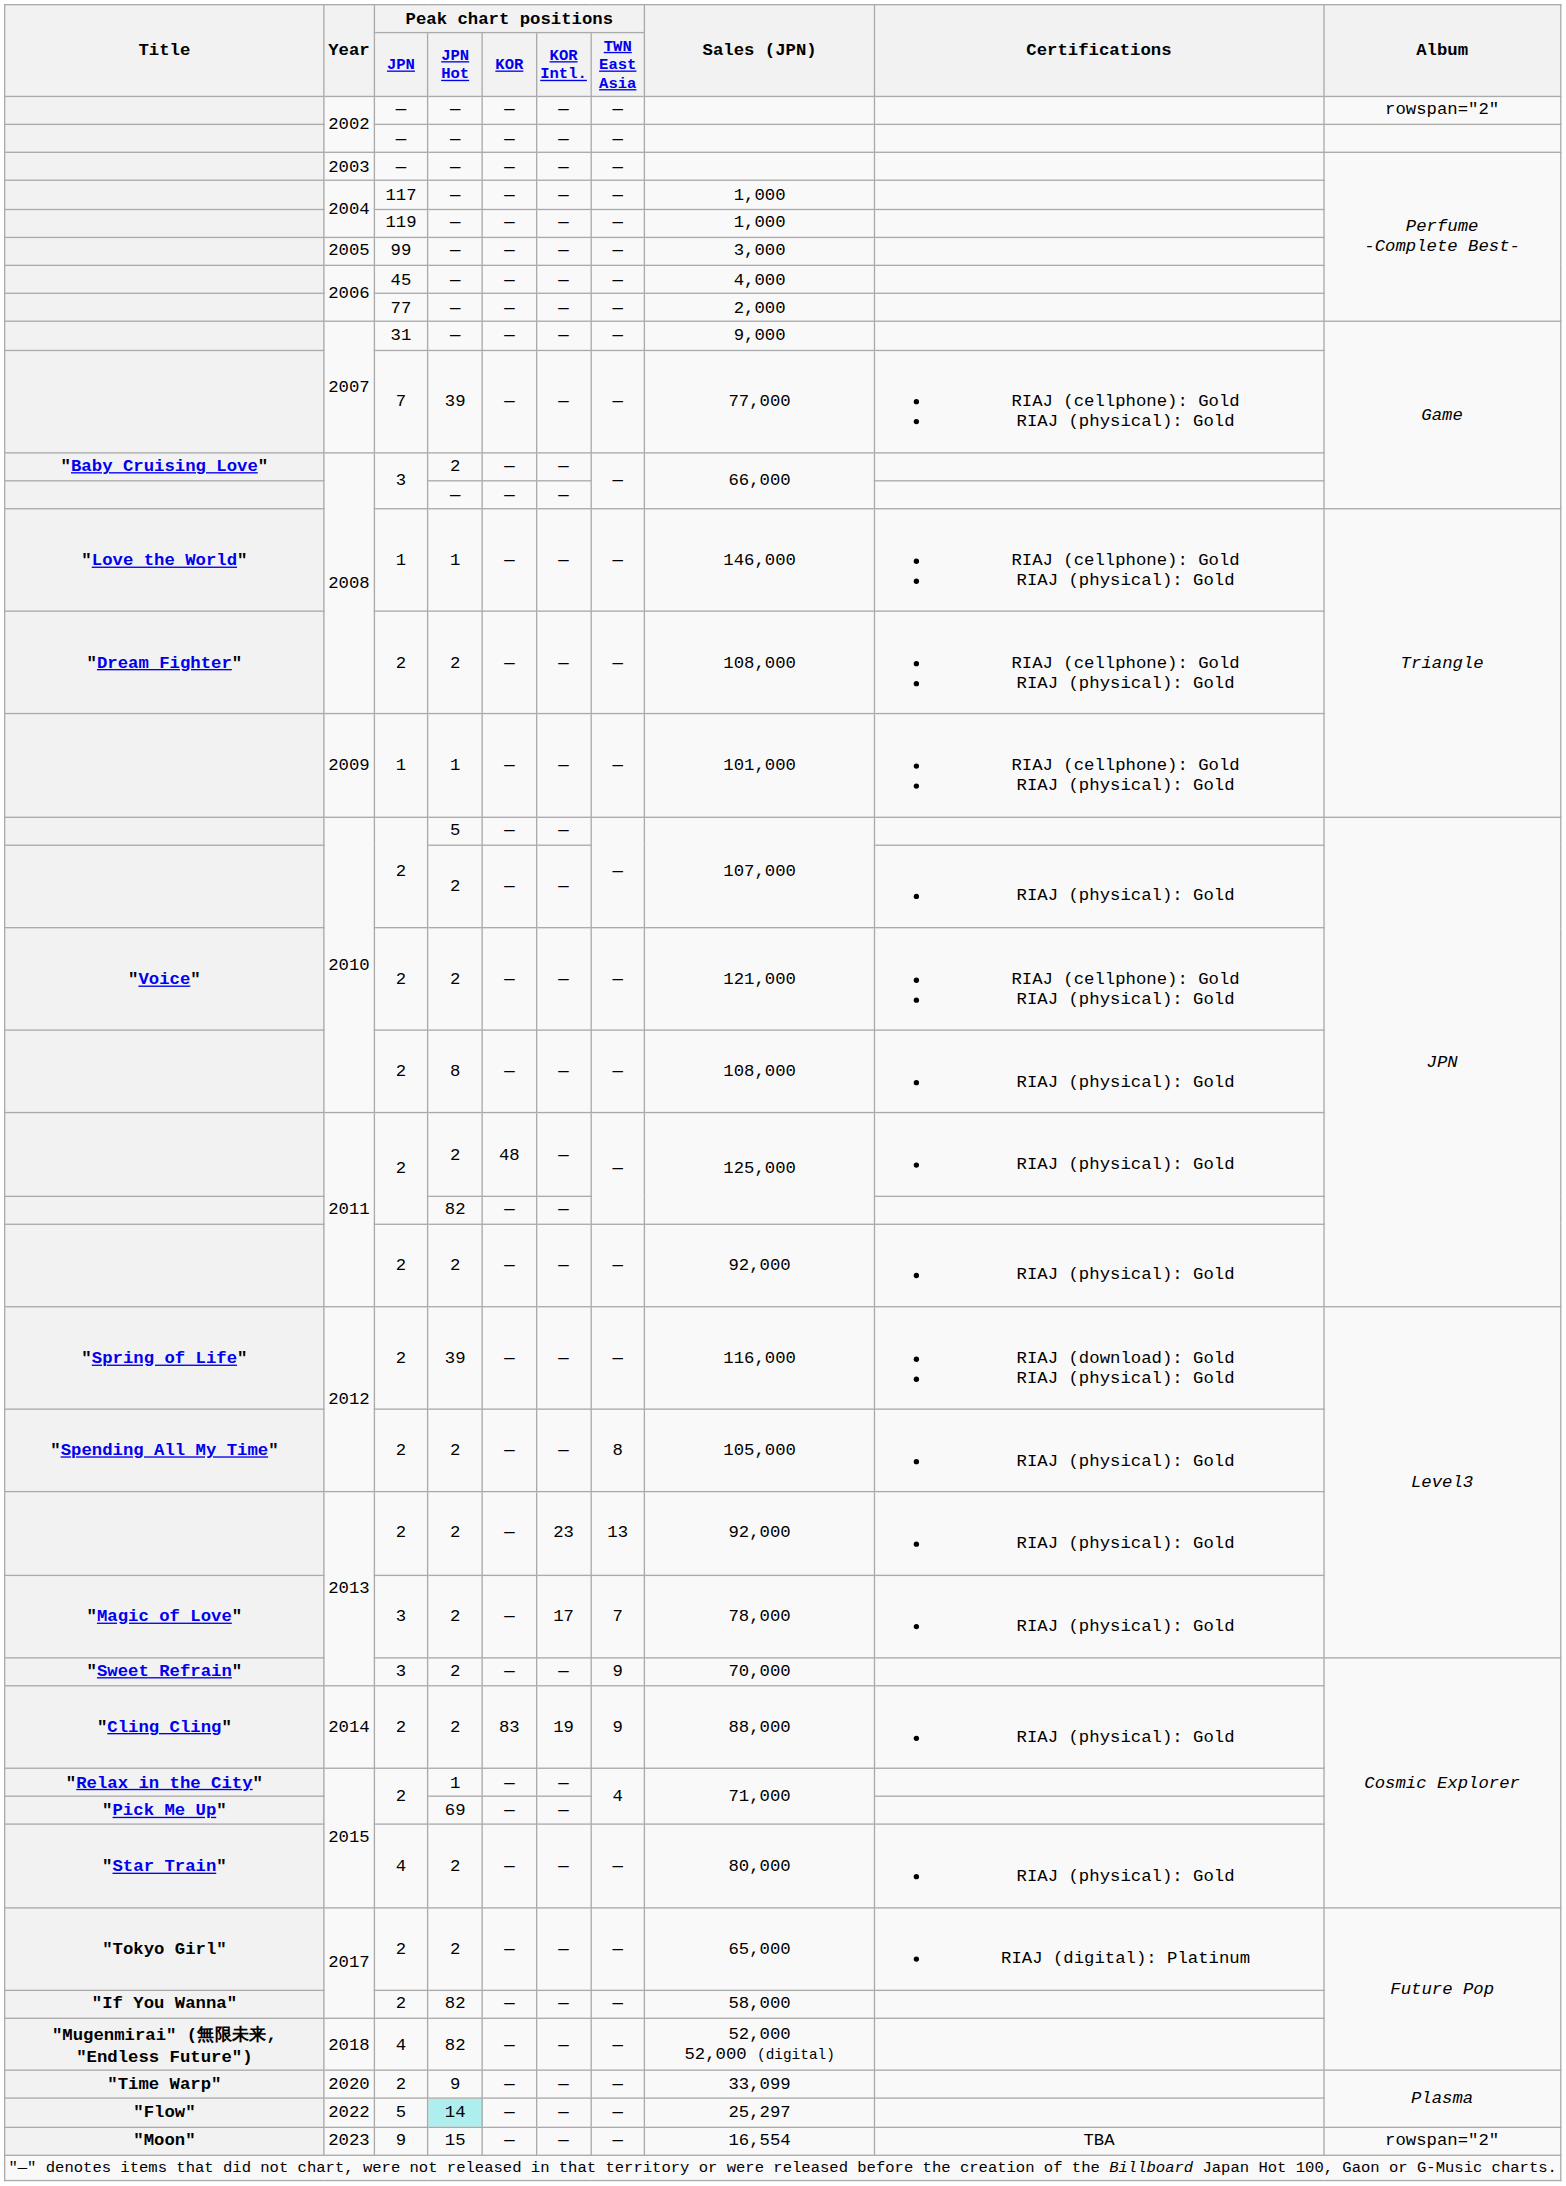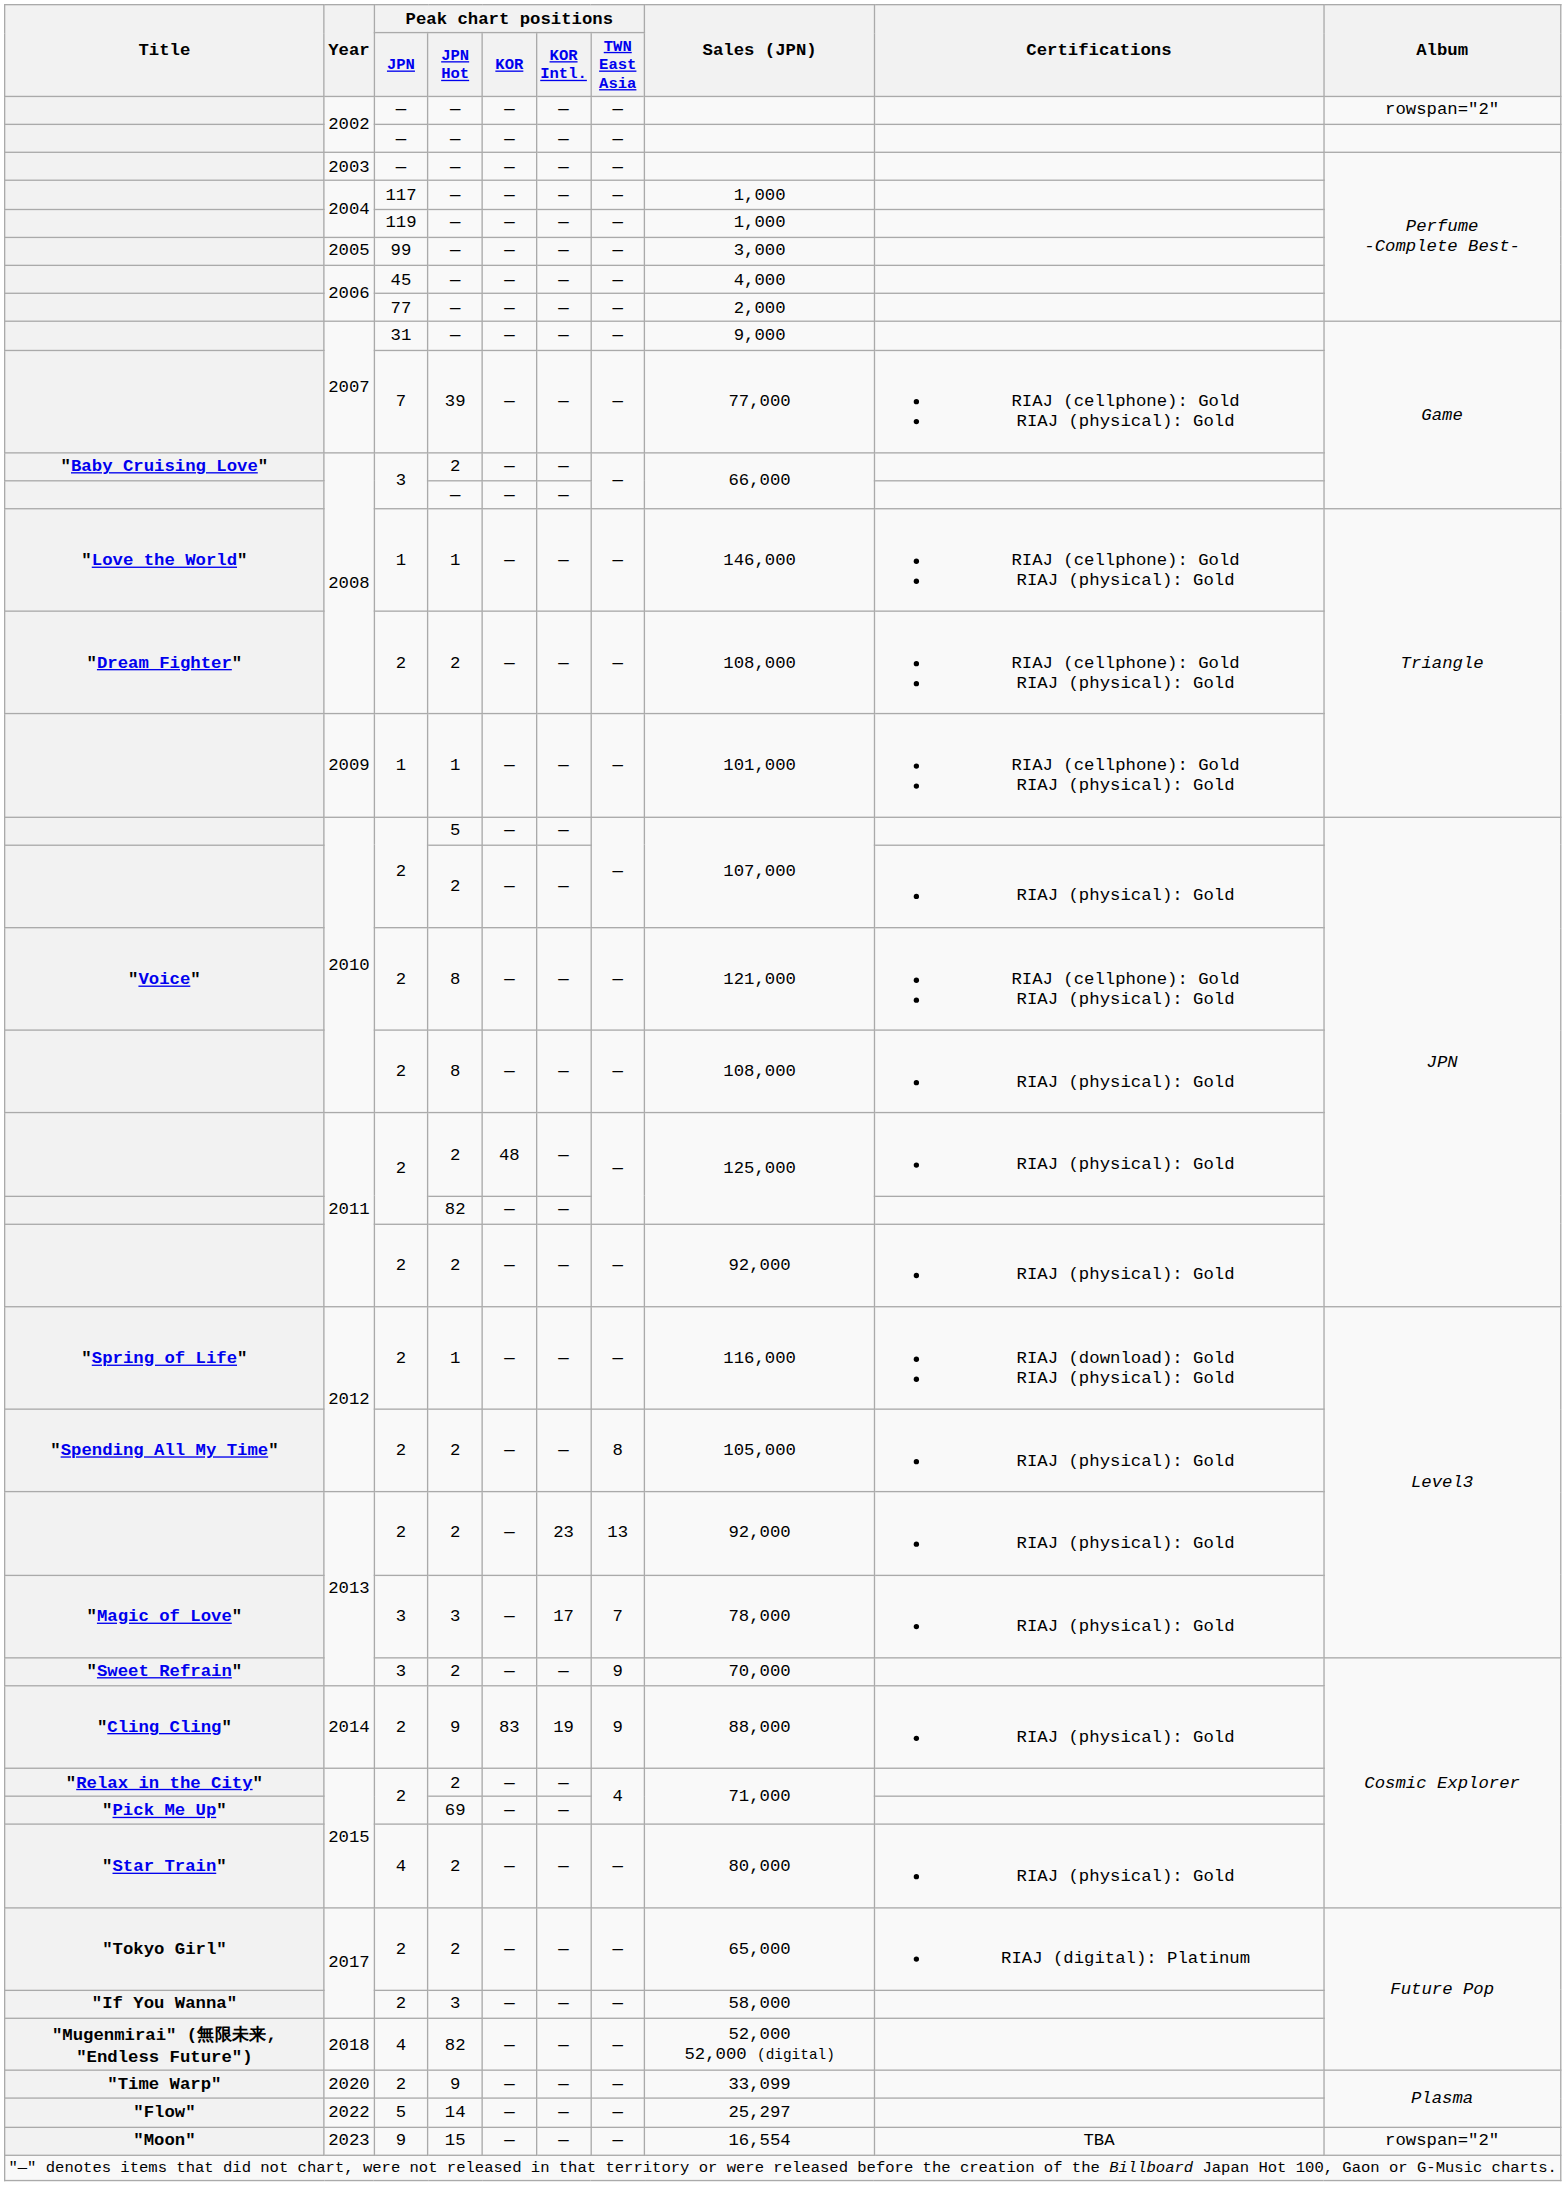 <table class="wikitable plainrowheaders" style="text-align:center;">
 <tr>
 <th scope="col" rowspan="2" style="width:18em;">Title</th>
 <th scope="col" rowspan="2" style="width:2em;">Year</th>
 <th scope="col" colspan="5">Peak chart positions</th>
 <th scope="col" rowspan="2">Sales (JPN)</th>
 <th scope="col" rowspan="2">Certifications</th>
 <th scope="col" rowspan="2">Album</th>
 </tr>
 <tr>
 <th scope="col" style="width:3em;font-size:90%;"><a href='#'>JPN</a><br></th>
 <th scope="col" style="width:3em;font-size:90%;"><a href='#'>JPN Hot</a><br></th>
 <th scope="col" style="width:3em;font-size:90%;"><a href='#'>KOR</a><br></th>
 <th scope="col" style="width:3em;font-size:90%;"><a href='#'>KOR Intl.</a><br></th>
 <th scope="col" style="width:3em;font-size:90%;"><a href='#'>TWN East Asia</a><br></th>
 </tr>
 <tr>
 <th scope="row"></th>
 <td rowspan="2">2002</td>
 <td>—</td>
 <td>—</td>
 <td>—</td>
 <td>—</td>
 <td>—</td>
 <td></td>
 <td></td>
 <td>rowspan="2"  </td>
 </tr>
 <tr>
 <th scope="row"></th>
 <td>—</td>
 <td>—</td>
 <td>—</td>
 <td>—</td>
 <td>—</td>
 <td></td>
 <td></td>
 </tr>
 <tr>
 <th scope="row"></th>
 <td>2003</td>
 <td>—</td>
 <td>—</td>
 <td>—</td>
 <td>—</td>
 <td>—</td>
 <td></td>
 <td></td>
 <td rowspan="6"><em>Perfume<br>-Complete Best-</em></td>
 </tr>
 <tr>
 <th scope="row"></th>
 <td rowspan="2">2004</td>
 <td>117</td>
 <td>—</td>
 <td>—</td>
 <td>—</td>
 <td>—</td>
 <td>1,000</td>
 <td></td>
 </tr>
 <tr>
 <th scope="row"></th>
 <td>119</td>
 <td>—</td>
 <td>—</td>
 <td>—</td>
 <td>—</td>
 <td>1,000</td>
 <td></td>
 </tr>
 <tr>
 <th scope="row"></th>
 <td>2005</td>
 <td>99</td>
 <td>—</td>
 <td>—</td>
 <td>—</td>
 <td>—</td>
 <td>3,000</td>
 <td></td>
 </tr>
 <tr>
 <th scope="row"></th>
 <td rowspan="2">2006</td>
 <td>45</td>
 <td>—</td>
 <td>—</td>
 <td>—</td>
 <td>—</td>
 <td>4,000</td>
 <td></td>
 </tr>
 <tr>
 <th scope="row"></th>
 <td>77</td>
 <td>—</td>
 <td>—</td>
 <td>—</td>
 <td>—</td>
 <td>2,000</td>
 <td></td>
 </tr>
 <tr>
 <th scope="row"></th>
 <td rowspan="2">2007</td>
 <td>31</td>
 <td>—</td>
 <td>—</td>
 <td>—</td>
 <td>—</td>
 <td>9,000</td>
 <td></td>
 <td rowspan="4"><em>Game</em></td>
 </tr>
 <tr>
 <th scope="row"></th>
 <td>7</td>
 <td>39</td>
 <td>—</td>
 <td>—</td>
 <td>—</td>
 <td>77,000</td>
 <td><br><ul><li>RIAJ <span>(cellphone)</span>: Gold</li><li>RIAJ <span>(physical)</span>: Gold</li></ul></td>
 </tr>
 <tr>
 <th scope="row">"<a href='#'>Baby Cruising Love</a>"</th>
 <td rowspan="4">2008</td>
 <td rowspan="2">3</td>
 <td>2</td>
 <td>—</td>
 <td>—</td>
 <td rowspan="2">—</td>
 <td rowspan="2">66,000</td>
 <td></td>
 </tr>
 <tr>
 <th scope="row"></th>
 <td>—</td>
 <td>—</td>
 <td>—</td>
 <td></td>
 </tr>
 <tr>
 <th scope="row">"<a href='#'>Love the World</a>"</th>
 <td>1</td>
 <td>1</td>
 <td>—</td>
 <td>—</td>
 <td>—</td>
 <td>146,000</td>
 <td><br><ul><li>RIAJ <span>(cellphone)</span>: Gold</li><li>RIAJ <span>(physical)</span>: Gold</li></ul></td>
 <td rowspan="3"><em>Triangle</em></td>
 </tr>
 <tr>
 <th scope="row">"<a href='#'>Dream Fighter</a>"</th>
 <td>2</td>
 <td>2</td>
 <td>—</td>
 <td>—</td>
 <td>—</td>
 <td>108,000</td>
 <td><br><ul><li>RIAJ <span>(cellphone)</span>: Gold</li><li>RIAJ <span>(physical)</span>: Gold</li></ul></td>
 </tr>
 <tr>
 <th scope="row"></th>
 <td>2009</td>
 <td>1</td>
 <td>1</td>
 <td>—</td>
 <td>—</td>
 <td>—</td>
 <td>101,000</td>
 <td><br><ul><li>RIAJ <span>(cellphone)</span>: Gold</li><li>RIAJ <span>(physical)</span>: Gold</li></ul></td>
 </tr>
 <tr>
 <th scope="row"> </th>
 <td rowspan="4">2010</td>
 <td rowspan="2">2</td>
 <td>5</td>
 <td>—</td>
 <td>—</td>
 <td rowspan="2">—</td>
 <td rowspan="2">107,000</td>
 <td></td>
 <td rowspan="7"><em>JPN</em></td>
 </tr>
 <tr>
 <th scope="row"></th>
 <td>2</td>
 <td>—</td>
 <td>—</td>
 <td><br><ul><li>RIAJ <span>(physical)</span>: Gold</li></ul></td>
 </tr>
 <tr>
 <th scope="row">"<a href='#'>Voice</a>"</th>
 <td>2</td>
-<td>2</td>
+<td>8</td>
 <td>—</td>
 <td>—</td>
 <td>—</td>
 <td>121,000</td>
 <td><br><ul><li>RIAJ <span>(cellphone)</span>: Gold</li><li>RIAJ <span>(physical)</span>: Gold</li></ul></td>
 </tr>
 <tr>
 <th scope="row"></th>
 <td>2</td>
 <td>8</td>
 <td>—</td>
 <td>—</td>
 <td>—</td>
 <td>108,000</td>
 <td><br><ul><li>RIAJ <span>(physical)</span>: Gold</li></ul></td>
 </tr>
 <tr>
 <th scope="row"></th>
 <td rowspan="3">2011</td>
 <td rowspan="2">2</td>
 <td>2</td>
 <td>48</td>
 <td>—</td>
 <td rowspan="2">—</td>
 <td rowspan="2">125,000</td>
 <td><br><ul><li>RIAJ <span>(physical)</span>: Gold</li></ul></td>
 </tr>
 <tr>
 <th scope="row"></th>
 <td>82</td>
 <td>—</td>
 <td>—</td>
 <td></td>
 </tr>
 <tr>
 <th scope="row"></th>
 <td>2</td>
 <td>2</td>
 <td>—</td>
 <td>—</td>
 <td>—</td>
 <td>92,000</td>
 <td><br><ul><li>RIAJ <span>(physical)</span>: Gold</li></ul></td>
 </tr>
 <tr>
 <th scope="row">"<a href='#'>Spring of Life</a>"</th>
 <td rowspan="2">2012</td>
 <td>2</td>
-<td>39</td>
+<td>1</td>
 <td>—</td>
 <td>—</td>
 <td>—</td>
 <td>116,000</td>
 <td><br><ul><li>RIAJ <span>(download)</span>: Gold</li><li>RIAJ <span>(physical)</span>: Gold</li></ul></td>
 <td rowspan="4"><em>Level3</em></td>
 </tr>
 <tr>
 <th scope="row">"<a href='#'>Spending All My Time</a>"</th>
 <td>2</td>
 <td>2</td>
 <td>—</td>
 <td>—</td>
 <td>8</td>
 <td>105,000</td>
 <td><br><ul><li>RIAJ <span>(physical)</span>: Gold</li></ul></td>
 </tr>
 <tr>
 <th scope="row"></th>
 <td rowspan="3">2013</td>
 <td>2</td>
 <td>2</td>
 <td>—</td>
 <td>23</td>
 <td>13</td>
 <td>92,000</td>
 <td><br><ul><li>RIAJ <span>(physical)</span>: Gold</li></ul></td>
 </tr>
 <tr>
 <th scope="row">"<a href='#'>Magic of Love</a>"</th>
 <td>3</td>
-<td>2</td>
+<td>3</td>
 <td>—</td>
 <td>17</td>
 <td>7</td>
 <td>78,000</td>
 <td><br><ul><li>RIAJ <span>(physical)</span>: Gold</li></ul></td>
 </tr>
 <tr>
 <th scope="row">"<a href='#'>Sweet Refrain</a>"</th>
 <td>3</td>
 <td>2</td>
 <td>—</td>
 <td>—</td>
 <td>9</td>
 <td>70,000</td>
 <td></td>
 <td rowspan="5"><em>Cosmic Explorer</em></td>
 </tr>
 <tr>
 <th scope="row">"<a href='#'>Cling Cling</a>"</th>
 <td>2014</td>
 <td>2</td>
-<td>2</td>
+<td>9</td>
 <td>83</td>
 <td>19</td>
 <td>9</td>
 <td>88,000</td>
 <td><br><ul><li>RIAJ <span>(physical)</span>: Gold</li></ul></td>
 </tr>
 <tr>
 <th scope="row">"<a href='#'>Relax in the City</a>"</th>
 <td rowspan="3">2015</td>
 <td rowspan="2">2</td>
-<td>1</td>
+<td>2</td>
 <td>—</td>
 <td>—</td>
 <td rowspan="2">4</td>
 <td rowspan="2">71,000</td>
 <td></td>
 </tr>
 <tr>
 <th scope="row">"<a href='#'>Pick Me Up</a>"</th>
 <td>69</td>
 <td>—</td>
 <td>—</td>
 </tr>
 <tr>
 <th scope="row">"<a href='#'>Star Train</a>"</th>
 <td>4</td>
 <td>2</td>
 <td>—</td>
 <td>—</td>
 <td>—</td>
 <td>80,000</td>
 <td><br><ul><li>RIAJ <span>(physical)</span>: Gold</li></ul></td>
 </tr>
 <tr>
 <th scope="row">"Tokyo Girl"</th>
 <td rowspan="2">2017</td>
 <td>2</td>
 <td>2</td>
 <td>—</td>
 <td>—</td>
 <td>—</td>
 <td>65,000</td>
 <td><br><ul><li>RIAJ <span>(digital)</span>: Platinum</li></ul></td>
 <td rowspan="3"><em>Future Pop</em></td>
 </tr>
 <tr>
 <th scope="row">"If You Wanna"</th>
 <td>2</td>
-<td>82</td>
+<td>3</td>
 <td>—</td>
 <td>—</td>
 <td>—</td>
 <td>58,000</td>
 <td></td>
 </tr>
 <tr>
 <th scope="row">"Mugenmirai" (無限未来, "Endless Future")</th>
 <td>2018</td>
 <td>4</td>
 <td>82</td>
 <td>—</td>
 <td>—</td>
 <td>—</td>
 <td>52,000 <br> 52,000 <small>(digital)</small></td>
 <td></td>
 </tr>
 <tr>
 <th scope="row">"Time Warp"</th>
 <td>2020</td>
 <td>2</td>
 <td>9</td>
 <td>—</td>
 <td>—</td>
 <td>—</td>
 <td>33,099</td>
 <td></td>
 <td rowspan="2"><em>Plasma</em></td>
 </tr>
 <tr>
 <th scope="row">"Flow"</th>
 <td>2022</td>
 <td>5</td>
-<td style="background: paleturquoise;">14</td>
+<td>14</td>
 <td>—</td>
 <td>—</td>
 <td>—</td>
 <td>25,297</td>
 <td></td>
 </tr>
 <tr>
 <th scope="row">"Moon"</th>
 <td>2023</td>
 <td>9</td>
 <td>15</td>
 <td>—</td>
 <td>—</td>
 <td>—</td>
 <td>16,554</td>
 <td>TBA</td>
 <td>rowspan="2"  </td>
 </tr>
 <tr>
 <td colspan="12" align="center" style="font-size:90%;">"—" denotes items that did not chart, were not released in that territory or were released before the creation of the <em>Billboard</em> Japan Hot 100, Gaon or G-Music charts.</td>
 </tr>
 </table>
